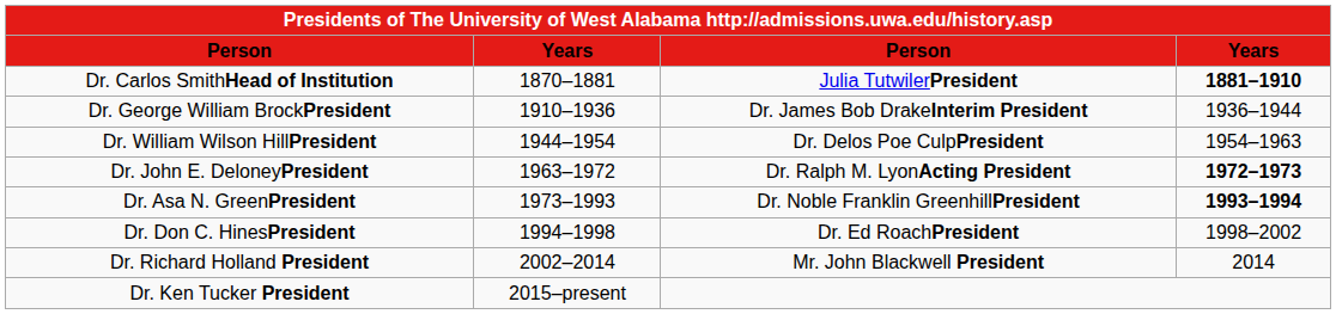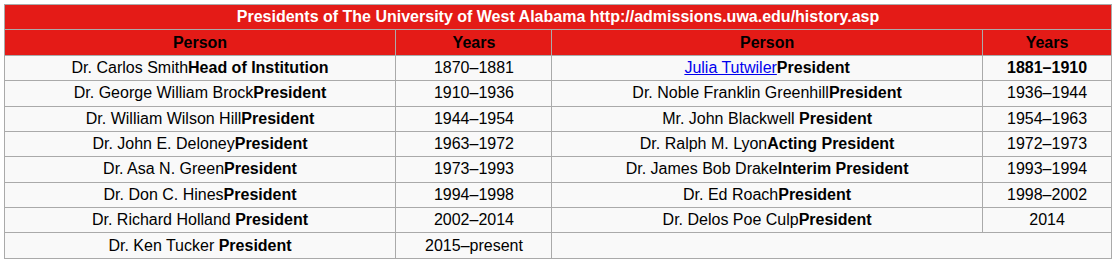 <table class="wikitable" style="text-align:center; margin: 1em auto 1em auto" background: #f9f9f9; width=70%>
 <tr>
 <th colspan="6" style="color:white; background:#E41B17;">Presidents of The University of West Alabama http://admissions.uwa.edu/history.asp</th>
 </tr>
 <tr>
 <th style="background:#E41B17;">Person</th>
 <th style="background:#E41B17;">Years</th>
 <th style="background:#E41B17;">Person</th>
 <th style="background:#E41B17;">Years</th>
 </tr>
 <tr>
 </tr>
 <tr>
 <td>Dr. Carlos Smith<strong>Head of Institution</strong></td>
 <td>1870–1881</td>
 <td><a href='#'>Julia Tutwiler</a><strong>President</strong></td>
 <td><strong>1881–1910</strong></td>
 </tr>
 <tr>
 <td>Dr. George William Brock<strong>President</strong></td>
 <td>1910–1936</td>
-<td>Dr. James Bob Drake<strong>Interim President</strong></td>
+<td>Dr. Noble Franklin Greenhill<strong>President</strong></td>
 <td>1936–1944</td>
 </tr>
 <tr>
 <td>Dr. William Wilson Hill<strong>President</strong></td>
 <td>1944–1954</td>
-<td>Dr. Delos Poe Culp<strong>President</strong></td>
+<td>Mr. John Blackwell <strong>President</strong></td>
 <td>1954–1963</td>
 </tr>
 <tr>
 <td>Dr. John E. Deloney<strong>President</strong></td>
 <td>1963–1972</td>
 <td>Dr. Ralph M. Lyon<strong>Acting President</strong></td>
-<td><strong>1972–1973</strong></td>
+<td>1972–1973</td>
 </tr>
 <tr>
 <td>Dr. Asa N. Green<strong>President</strong></td>
 <td>1973–1993</td>
-<td>Dr. Noble Franklin Greenhill<strong>President</strong></td>
-<td><strong>1993–1994</strong></td>
+<td>Dr. James Bob Drake<strong>Interim President</strong></td>
+<td>1993–1994</td>
 </tr>
 <tr>
 <td>Dr. Don C. Hines<strong>President</strong></td>
 <td>1994–1998</td>
 <td>Dr. Ed Roach<strong>President</strong></td>
 <td>1998–2002</td>
 </tr>
 <tr>
 <td>Dr. Richard Holland <strong>President</strong></td>
 <td>2002–2014</td>
-<td>Mr. John Blackwell <strong>President</strong></td>
+<td>Dr. Delos Poe Culp<strong>President</strong></td>
 <td>2014</td>
 </tr>
 <tr>
 <td>Dr. Ken Tucker <strong>President</strong></td>
 <td>2015–present</td>
 </tr>
 </table>
